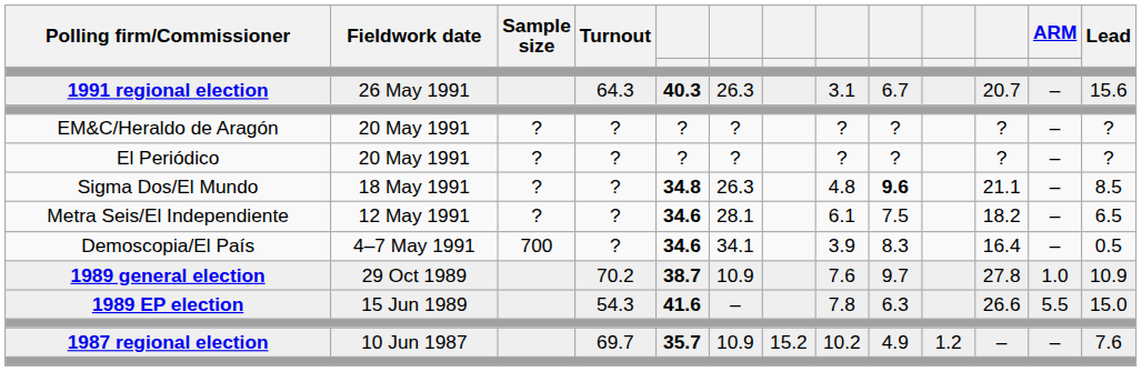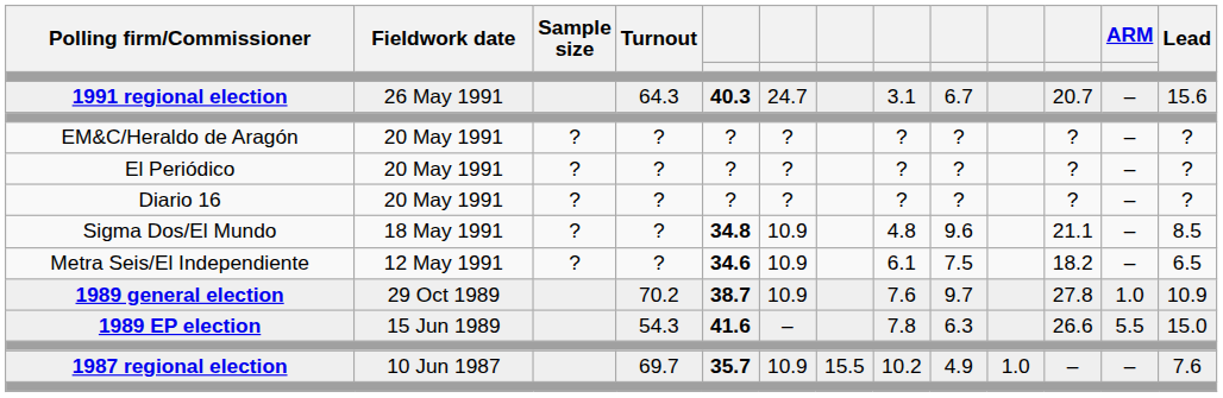 <table class="wikitable collapsible collapsed" style="text-align:center; font-size:95%; line-height:16px;">
 <tr style="height:42px;">
 <th style="width:250px;" rowspan="2">Polling firm/Commissioner</th>
 <th style="width:125px;" rowspan="2">Fieldwork date</th>
 <th style="width:50px;" rowspan="2">Sample size</th>
 <th style="width:45px;" rowspan="2">Turnout</th>
 <th style="width:35px;"></th>
 <th style="width:35px;"></th>
 <th style="width:35px;"></th>
 <th style="width:35px;"></th>
 <th style="width:35px;"></th>
 <th style="width:35px;"></th>
 <th style="width:35px;"></th>
 <th style="width:35px;"><a href='#'>ARM</a></th>
 <th style="width:30px;" rowspan="2">Lead</th>
 </tr>
 <tr>
 <th style="color:inherit;background:"></th>
 <th style="color:inherit;background:"></th>
 <th style="color:inherit;background:"></th>
 <th style="color:inherit;background:"></th>
 <th style="color:inherit;background:"></th>
 <th style="color:inherit;background:"></th>
 <th style="color:inherit;background:"></th>
 <th style="color:inherit;background:"></th>
 </tr>
 <tr>
 <td colspan="13" style="background:#A0A0A0"></td>
 </tr>
 <tr style="background:#EFEFEF;">
 <td><strong><a href='#'>1991 regional election</a></strong></td>
 <td>26 May 1991</td>
 <td></td>
 <td>64.3</td>
 <td><strong>40.3</strong><br></td>
-<td>26.3<br></td>
+<td>24.7<br></td>
 <td></td>
 <td>3.1<br></td>
 <td>6.7<br></td>
 <td></td>
 <td>20.7<br></td>
 <td>–</td>
 <td style="background:">15.6</td>
 </tr>
 <tr>
 <td colspan="13" style="background:#A0A0A0"></td>
 </tr>
 <tr>
 <td>EM&C/Heraldo de Aragón</td>
 <td>20 May 1991</td>
 <td>?</td>
 <td>?</td>
 <td>?<br></td>
 <td>?<br></td>
 <td></td>
 <td>?<br></td>
 <td>?<br></td>
 <td></td>
 <td>?<br></td>
 <td>–</td>
 <td style="background:">?</td>
 </tr>
 <tr>
 <td>El Periódico</td>
 <td>20 May 1991</td>
 <td>?</td>
 <td>?</td>
 <td>?<br></td>
 <td>?<br></td>
 <td></td>
 <td>?<br></td>
 <td>?<br></td>
 <td></td>
 <td>?<br></td>
 <td>–</td>
 <td style="background:">?</td>
 </tr>
 <tr>
+<td>Diario 16</td>
+<td>20 May 1991</td>
+<td>?</td>
+<td>?</td>
+<td>?<br></td>
+<td>?<br></td>
+<td></td>
+<td>?<br></td>
+<td>?<br></td>
+<td></td>
+<td>?<br></td>
+<td>–</td>
+<td style="background:">?</td>
+</tr>
+<tr>
 <td>Sigma Dos/El Mundo</td>
 <td>18 May 1991</td>
 <td>?</td>
 <td>?</td>
 <td><strong>34.8</strong><br></td>
-<td>26.3<br></td>
+<td>10.9<br></td>
 <td></td>
 <td>4.8<br></td>
-<td><strong>9.6<br></strong></td>
+<td>9.6<br></td>
 <td></td>
 <td>21.1<br></td>
 <td>–</td>
 <td style="background:">8.5</td>
 </tr>
 <tr>
 <td>Metra Seis/El Independiente</td>
 <td>12 May 1991</td>
 <td>?</td>
 <td>?</td>
 <td><strong>34.6</strong><br></td>
-<td>28.1<br></td>
+<td>10.9<br></td>
 <td></td>
 <td>6.1<br></td>
 <td>7.5<br></td>
 <td></td>
 <td>18.2<br></td>
 <td>–</td>
 <td style="background:">6.5</td>
-</tr>
-<tr>
-<td>Demoscopia/El País</td>
-<td>4–7 May 1991</td>
-<td>700</td>
-<td>?</td>
-<td><strong>34.6</strong><br></td>
-<td>34.1<br></td>
-<td></td>
-<td>3.9<br></td>
-<td>8.3<br></td>
-<td></td>
-<td>16.4<br></td>
-<td>–</td>
-<td style="background:">0.5</td>
 </tr>
 <tr style="background:#EFEFEF;">
 <td><strong><a href='#'>1989 general election</a></strong></td>
 <td>29 Oct 1989</td>
 <td></td>
 <td>70.2</td>
 <td><strong>38.7</strong><br></td>
 <td>10.9<br></td>
 <td></td>
 <td>7.6<br></td>
 <td>9.7<br></td>
 <td></td>
 <td>27.8<br></td>
 <td>1.0<br></td>
 <td style="background:">10.9</td>
 </tr>
 <tr style="background:#EFEFEF;">
 <td><strong><a href='#'>1989 EP election</a></strong></td>
 <td>15 Jun 1989</td>
 <td></td>
 <td>54.3</td>
 <td><strong>41.6</strong><br></td>
 <td>–</td>
 <td></td>
 <td>7.8<br></td>
 <td>6.3<br></td>
 <td></td>
 <td>26.6<br></td>
 <td>5.5<br></td>
 <td style="background:">15.0</td>
 </tr>
 <tr>
 <td colspan="13" style="background:#A0A0A0"></td>
 </tr>
 <tr style="background:#EFEFEF;">
 <td><strong><a href='#'>1987 regional election</a></strong></td>
 <td>10 Jun 1987</td>
 <td></td>
 <td>69.7</td>
 <td><strong>35.7</strong><br></td>
 <td>10.9<br></td>
-<td>15.2<br></td>
+<td>15.5<br></td>
 <td>10.2<br></td>
 <td>4.9<br></td>
-<td>1.2<br></td>
+<td>1.0<br></td>
 <td>–</td>
 <td>–</td>
 <td style="background:">7.6</td>
 </tr>
 <tr>
 <td colspan="13" style="background:#A0A0A0"></td>
 </tr>
 </table>
